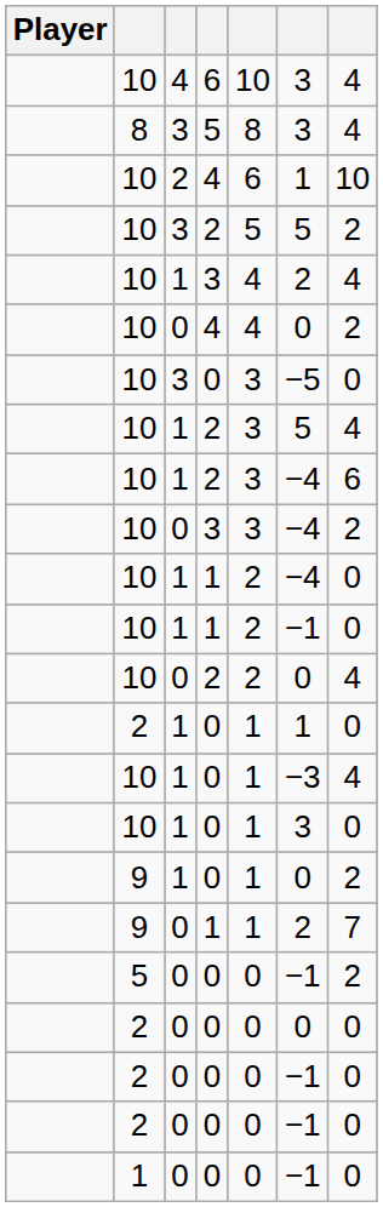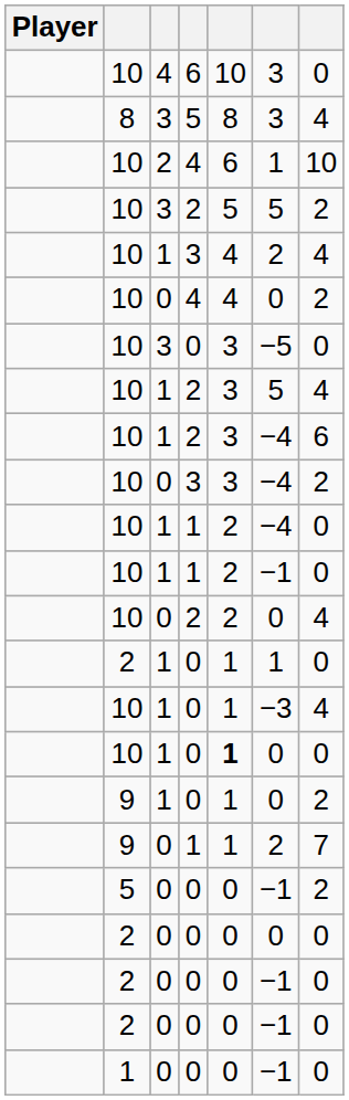 <table class="wikitable sortable" style="text-align:center;">
 <tr>
 <th>Player</th>
 <th></th>
 <th></th>
 <th></th>
 <th></th>
 <th data-sort-type="number"></th>
 <th></th>
 </tr>
 <tr>
 <td></td>
 <td>10</td>
 <td>4</td>
 <td>6</td>
 <td>10</td>
 <td>3</td>
-<td>4</td>
+<td>0</td>
 </tr>
 <tr>
 <td></td>
 <td>8</td>
 <td>3</td>
 <td>5</td>
 <td>8</td>
 <td>3</td>
 <td>4</td>
 </tr>
 <tr>
 <td></td>
 <td>10</td>
 <td>2</td>
 <td>4</td>
 <td>6</td>
 <td>1</td>
 <td>10</td>
 </tr>
 <tr>
 <td></td>
 <td>10</td>
 <td>3</td>
 <td>2</td>
 <td>5</td>
 <td>5</td>
 <td>2</td>
 </tr>
 <tr>
 <td></td>
 <td>10</td>
 <td>1</td>
 <td>3</td>
 <td>4</td>
 <td>2</td>
 <td>4</td>
 </tr>
 <tr>
 <td></td>
 <td>10</td>
 <td>0</td>
 <td>4</td>
 <td>4</td>
 <td>0</td>
 <td>2</td>
 </tr>
 <tr>
 <td></td>
 <td>10</td>
 <td>3</td>
 <td>0</td>
 <td>3</td>
 <td>−5</td>
 <td>0</td>
 </tr>
 <tr>
 <td></td>
 <td>10</td>
 <td>1</td>
 <td>2</td>
 <td>3</td>
 <td>5</td>
 <td>4</td>
 </tr>
 <tr>
 <td></td>
 <td>10</td>
 <td>1</td>
 <td>2</td>
 <td>3</td>
 <td>−4</td>
 <td>6</td>
 </tr>
 <tr>
 <td></td>
 <td>10</td>
 <td>0</td>
 <td>3</td>
 <td>3</td>
 <td>−4</td>
 <td>2</td>
 </tr>
 <tr>
 <td></td>
 <td>10</td>
 <td>1</td>
 <td>1</td>
 <td>2</td>
 <td>−4</td>
 <td>0</td>
 </tr>
 <tr>
 <td></td>
 <td>10</td>
 <td>1</td>
 <td>1</td>
 <td>2</td>
 <td>−1</td>
 <td>0</td>
 </tr>
 <tr>
 <td></td>
 <td>10</td>
 <td>0</td>
 <td>2</td>
 <td>2</td>
 <td>0</td>
 <td>4</td>
 </tr>
 <tr>
 <td></td>
 <td>2</td>
 <td>1</td>
 <td>0</td>
 <td>1</td>
 <td>1</td>
 <td>0</td>
 </tr>
 <tr>
 <td></td>
 <td>10</td>
 <td>1</td>
 <td>0</td>
 <td>1</td>
 <td>−3</td>
 <td>4</td>
 </tr>
 <tr>
 <td></td>
 <td>10</td>
 <td>1</td>
 <td>0</td>
-<td>1</td>
-<td>3</td>
+<td><strong>1</strong></td>
+<td>0</td>
 <td>0</td>
 </tr>
 <tr>
 <td></td>
 <td>9</td>
 <td>1</td>
 <td>0</td>
 <td>1</td>
 <td>0</td>
 <td>2</td>
 </tr>
 <tr>
 <td></td>
 <td>9</td>
 <td>0</td>
 <td>1</td>
 <td>1</td>
 <td>2</td>
 <td>7</td>
 </tr>
 <tr>
 <td></td>
 <td>5</td>
 <td>0</td>
 <td>0</td>
 <td>0</td>
 <td>−1</td>
 <td>2</td>
 </tr>
 <tr>
 <td></td>
 <td>2</td>
 <td>0</td>
 <td>0</td>
 <td>0</td>
 <td>0</td>
 <td>0</td>
 </tr>
 <tr>
 <td></td>
 <td>2</td>
 <td>0</td>
 <td>0</td>
 <td>0</td>
 <td>−1</td>
 <td>0</td>
 </tr>
 <tr>
 <td></td>
 <td>2</td>
 <td>0</td>
 <td>0</td>
 <td>0</td>
 <td>−1</td>
 <td>0</td>
 </tr>
 <tr>
 <td></td>
 <td>1</td>
 <td>0</td>
 <td>0</td>
 <td>0</td>
 <td>−1</td>
 <td>0</td>
 </tr>
 </table>
